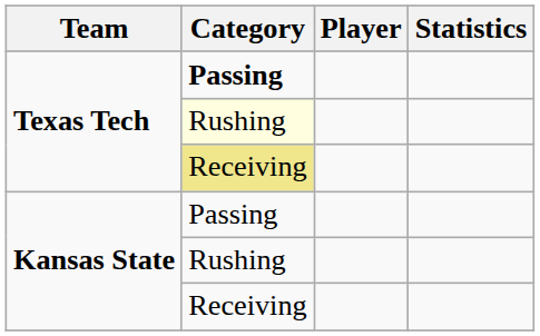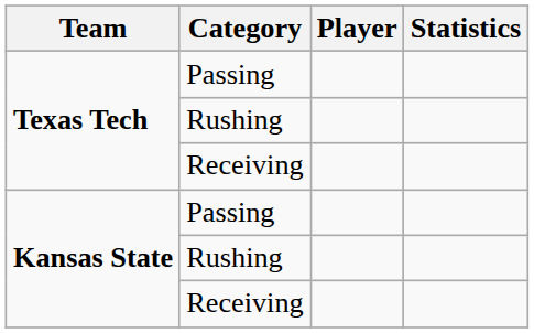 <table class="wikitable" style="float: right;">
 <tr>
 <th>Team</th>
 <th>Category</th>
 <th>Player</th>
 <th>Statistics</th>
 </tr>
 <tr>
 <td rowspan=3><strong>Texas Tech</strong></td>
-<td><strong>Passing</strong></td>
+<td>Passing</td>
 <td></td>
 <td></td>
 </tr>
 <tr>
-<td style="background: lightyellow;">Rushing</td>
+<td>Rushing</td>
 <td></td>
 <td></td>
 </tr>
 <tr>
-<td style="background: khaki;">Receiving</td>
+<td>Receiving</td>
 <td></td>
 <td></td>
 </tr>
 <tr>
 <td rowspan=3><strong>Kansas State</strong></td>
 <td>Passing</td>
 <td></td>
 <td></td>
 </tr>
 <tr>
 <td>Rushing</td>
 <td></td>
 <td></td>
 </tr>
 <tr>
 <td>Receiving</td>
 <td></td>
 <td></td>
 </tr>
 </table>
